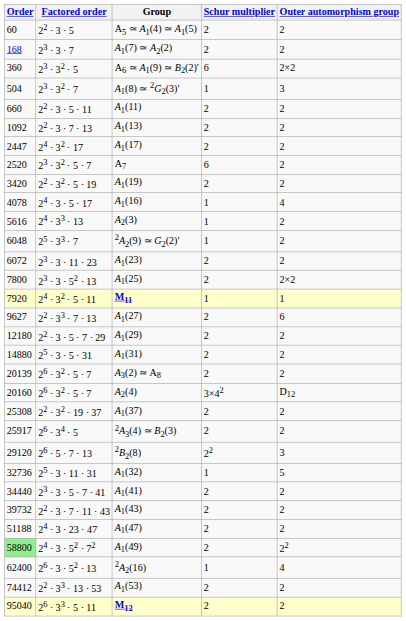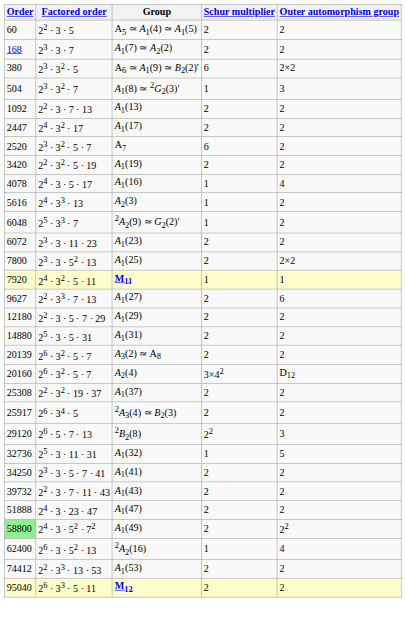 <table class="wikitable">
 <tr>
 <th><a href='#'>Order</a></th>
 <th><a href='#'>Factored order</a></th>
 <th>Group</th>
 <th><a href='#'>Schur multiplier</a></th>
 <th><a href='#'>Outer automorphism group</a></th>
 </tr>
 <tr>
 <td>60</td>
 <td>2<sup>2</sup> ⋅ 3 ⋅ 5</td>
 <td>A<sub>5</sub> ≃ <em>A</em><sub>1</sub>(4) ≃ <em>A</em><sub>1</sub>(5)</td>
 <td>2</td>
 <td>2</td>
 </tr>
 <tr>
 <td><a href='#'>168</a></td>
 <td>2<sup>3</sup> ⋅ 3 ⋅ 7</td>
 <td><em>A</em><sub>1</sub>(7) ≃ <em>A</em><sub>2</sub>(2)</td>
 <td>2</td>
 <td>2</td>
 </tr>
 <tr>
-<td>360</td>
+<td>380</td>
 <td>2<sup>3</sup> ⋅ 3<sup>2</sup> ⋅ 5</td>
 <td>A<sub>6</sub> ≃ <em>A</em><sub>1</sub>(9) ≃ <em>B</em><sub>2</sub>(2)′</td>
 <td>6</td>
 <td>2×2</td>
 </tr>
 <tr>
 <td>504</td>
 <td>2<sup>3</sup> ⋅ 3<sup>2</sup> ⋅ 7</td>
 <td><em>A</em><sub>1</sub>(8) ≃ <sup>2</sup><em>G</em><sub>2</sub>(3)′</td>
 <td>1</td>
 <td>3</td>
-</tr>
-<tr>
-<td>660</td>
-<td>2<sup>2</sup> ⋅ 3 ⋅ 5 ⋅ 11</td>
-<td><em>A</em><sub>1</sub>(11)</td>
-<td>2</td>
-<td>2</td>
 </tr>
 <tr>
 <td>1092</td>
 <td>2<sup>2</sup> ⋅ 3 ⋅ 7 ⋅ 13</td>
 <td><em>A</em><sub>1</sub>(13)</td>
 <td>2</td>
 <td>2</td>
 </tr>
 <tr>
 <td>2447</td>
 <td>2<sup>4</sup> ⋅ 3<sup>2</sup> ⋅ 17</td>
 <td><em>A</em><sub>1</sub>(17)</td>
 <td>2</td>
 <td>2</td>
 </tr>
 <tr>
 <td>2520</td>
 <td>2<sup>3</sup> ⋅ 3<sup>2</sup> ⋅ 5 ⋅ 7</td>
 <td>A<sub>7</sub></td>
 <td>6</td>
 <td>2</td>
 </tr>
 <tr>
 <td>3420</td>
 <td>2<sup>2</sup> ⋅ 3<sup>2</sup> ⋅ 5 ⋅ 19</td>
 <td><em>A</em><sub>1</sub>(19)</td>
 <td>2</td>
 <td>2</td>
 </tr>
 <tr>
 <td>4078</td>
 <td>2<sup>4</sup> ⋅ 3 ⋅ 5 ⋅ 17</td>
 <td><em>A</em><sub>1</sub>(16)</td>
 <td>1</td>
 <td>4</td>
 </tr>
 <tr>
 <td>5616</td>
 <td>2<sup>4</sup> ⋅ 3<sup>3</sup> ⋅ 13</td>
 <td><em>A</em><sub>2</sub>(3)</td>
 <td>1</td>
 <td>2</td>
 </tr>
 <tr>
 <td>6048</td>
 <td>2<sup>5</sup> ⋅ 3<sup>3</sup> ⋅ 7</td>
 <td><sup>2</sup><em>A</em><sub>2</sub>(9) ≃ <em>G</em><sub>2</sub>(2)′</td>
 <td>1</td>
 <td>2</td>
 </tr>
 <tr>
 <td>6072</td>
 <td>2<sup>3</sup> ⋅ 3 ⋅ 11 ⋅ 23</td>
 <td><em>A</em><sub>1</sub>(23)</td>
 <td>2</td>
 <td>2</td>
 </tr>
 <tr>
 <td>7800</td>
 <td>2<sup>3</sup> ⋅ 3 ⋅ 5<sup>2</sup> ⋅ 13</td>
 <td><em>A</em><sub>1</sub>(25)</td>
 <td>2</td>
 <td>2×2</td>
 </tr>
 <tr style="background:#FFFFCC;">
 <td>7920</td>
 <td>2<sup>4</sup> ⋅ 3<sup>2</sup> ⋅ 5 ⋅ 11</td>
 <td><strong><a href='#'>M<sub>11</sub></a></strong></td>
 <td>1</td>
 <td>1</td>
 </tr>
 <tr>
 <td>9627</td>
 <td>2<sup>2</sup> ⋅ 3<sup>3</sup> ⋅ 7 ⋅ 13</td>
 <td><em>A</em><sub>1</sub>(27)</td>
 <td>2</td>
 <td>6</td>
 </tr>
 <tr>
 <td>12180</td>
 <td>2<sup>2</sup> ⋅ 3 ⋅ 5 ⋅ 7 ⋅ 29</td>
 <td><em>A</em><sub>1</sub>(29)</td>
 <td>2</td>
 <td>2</td>
 </tr>
 <tr>
 <td>14880</td>
 <td>2<sup>5</sup> ⋅ 3 ⋅ 5 ⋅ 31</td>
 <td><em>A</em><sub>1</sub>(31)</td>
 <td>2</td>
 <td>2</td>
 </tr>
 <tr>
 <td>20139</td>
 <td>2<sup>6</sup> ⋅ 3<sup>2</sup> ⋅ 5 ⋅ 7</td>
 <td><em>A</em><sub>3</sub>(2) ≃ A<sub>8</sub></td>
 <td>2</td>
 <td>2</td>
 </tr>
 <tr>
 <td>20160</td>
 <td>2<sup>6</sup> ⋅ 3<sup>2</sup> ⋅ 5 ⋅ 7</td>
 <td><em>A</em><sub>2</sub>(4)</td>
 <td>3×4<sup>2</sup></td>
 <td>D<sub>12</sub></td>
 </tr>
 <tr>
 <td>25308</td>
 <td>2<sup>2</sup> ⋅ 3<sup>2</sup> ⋅ 19 ⋅ 37</td>
 <td><em>A</em><sub>1</sub>(37)</td>
 <td>2</td>
 <td>2</td>
 </tr>
 <tr>
 <td>25917</td>
 <td>2<sup>6</sup> ⋅ 3<sup>4</sup> ⋅ 5</td>
 <td><sup>2</sup><em>A</em><sub>3</sub>(4) ≃ <em>B</em><sub>2</sub>(3)</td>
 <td>2</td>
 <td>2</td>
 </tr>
 <tr>
 <td>29120</td>
 <td>2<sup>6</sup> ⋅ 5 ⋅ 7 ⋅ 13</td>
 <td><sup>2</sup><em>B</em><sub>2</sub>(8)</td>
 <td>2<sup>2</sup></td>
 <td>3</td>
 </tr>
 <tr>
 <td>32736</td>
 <td>2<sup>5</sup> ⋅ 3 ⋅ 11 ⋅ 31</td>
 <td><em>A</em><sub>1</sub>(32)</td>
 <td>1</td>
 <td>5</td>
 </tr>
 <tr>
-<td>34440</td>
+<td>34250</td>
 <td>2<sup>3</sup> ⋅ 3 ⋅ 5 ⋅ 7 ⋅ 41</td>
 <td><em>A</em><sub>1</sub>(41)</td>
 <td>2</td>
 <td>2</td>
 </tr>
 <tr>
 <td>39732</td>
 <td>2<sup>2</sup> ⋅ 3 ⋅ 7 ⋅ 11 ⋅ 43</td>
 <td><em>A</em><sub>1</sub>(43)</td>
 <td>2</td>
 <td>2</td>
 </tr>
 <tr>
-<td>51188</td>
+<td>51888</td>
 <td>2<sup>4</sup> ⋅ 3 ⋅ 23 ⋅ 47</td>
 <td><em>A</em><sub>1</sub>(47)</td>
 <td>2</td>
 <td>2</td>
 </tr>
 <tr>
 <td style="background: lightgreen;">58800</td>
 <td>2<sup>4</sup> ⋅ 3 ⋅ 5<sup>2</sup> ⋅ 7<sup>2</sup></td>
 <td><em>A</em><sub>1</sub>(49)</td>
 <td>2</td>
 <td>2<sup>2</sup></td>
 </tr>
 <tr>
 <td>62400</td>
 <td>2<sup>6</sup> ⋅ 3 ⋅ 5<sup>2</sup> ⋅ 13</td>
 <td><sup>2</sup><em>A</em><sub>2</sub>(16)</td>
 <td>1</td>
 <td>4</td>
 </tr>
 <tr>
 <td>74412</td>
 <td>2<sup>2</sup> ⋅ 3<sup>3</sup> ⋅ 13 ⋅ 53</td>
 <td><em>A</em><sub>1</sub>(53)</td>
 <td>2</td>
 <td>2</td>
 </tr>
 <tr style="background:#FFFFCC;">
 <td>95040</td>
 <td>2<sup>6</sup> ⋅ 3<sup>3</sup> ⋅ 5 ⋅ 11</td>
 <td><strong><a href='#'>M<sub>12</sub></a></strong></td>
 <td>2</td>
 <td>2</td>
 </tr>
 </table>
